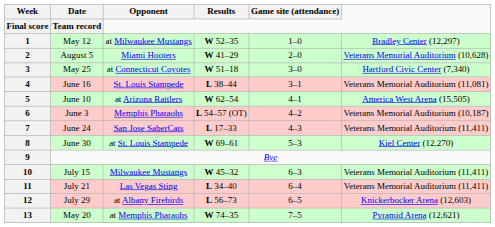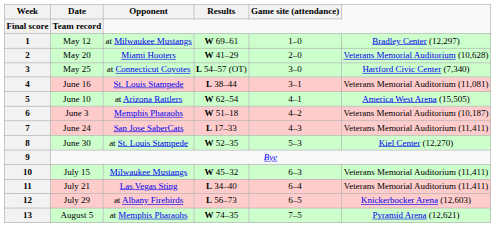 <table class="wikitable" style="font-size: 92%;" "align=center">
 <tr>
 <th>Week</th>
 <th>Date</th>
 <th>Opponent</th>
 <th>Results</th>
 <th>Game site (attendance)</th>
 </tr>
 <tr>
 <th>Final score</th>
 <th>Team record</th>
 </tr>
 <tr style="background:#cfc">
 <th>1</th>
 <td style="text-align:center;">May 12</td>
 <td style="text-align:center;">at <a href='#'>Milwaukee Mustangs</a></td>
-<td style="text-align:center;"><strong>W</strong> 52–35</td>
+<td style="text-align:center;"><strong>W</strong> 69–61</td>
 <td style="text-align:center;">1–0</td>
 <td style="text-align:center;"><a href='#'>Bradley Center</a> (12,297)</td>
 </tr>
 <tr style="background:#cfc">
 <th>2</th>
-<td style="text-align:center;">August 5</td>
+<td style="text-align:center;">May 20</td>
 <td style="text-align:center;"><a href='#'>Miami Hooters</a></td>
 <td style="text-align:center;"><strong>W</strong> 41–29</td>
 <td style="text-align:center;">2–0</td>
 <td style="text-align:center;"><a href='#'>Veterans Memorial Auditorium</a> (10,628)</td>
 </tr>
 <tr style="background:#cfc">
 <th>3</th>
 <td style="text-align:center;">May 25</td>
 <td style="text-align:center;">at <a href='#'>Connecticut Coyotes</a></td>
-<td style="text-align:center;"><strong>W</strong> 51–18</td>
+<td style="text-align:center;"><strong>L</strong> 54–57 (OT)</td>
 <td style="text-align:center;">3–0</td>
 <td style="text-align:center;"><a href='#'>Hartford Civic Center</a> (7,340)</td>
 </tr>
 <tr style="background:#fcc">
 <th>4</th>
 <td style="text-align:center;">June 16</td>
 <td style="text-align:center;"><a href='#'>St. Louis Stampede</a></td>
 <td style="text-align:center;"><strong>L</strong> 38–44</td>
 <td style="text-align:center;">3–1</td>
 <td style="text-align:center;">Veterans Memorial Auditorium (11,081)</td>
 </tr>
 <tr style="background:#cfc">
 <th>5</th>
 <td style="text-align:center;">June 10</td>
 <td style="text-align:center;">at <a href='#'>Arizona Rattlers</a></td>
 <td style="text-align:center;"><strong>W</strong> 62–54</td>
 <td style="text-align:center;">4–1</td>
 <td style="text-align:center;"><a href='#'>America West Arena</a> (15,505)</td>
 </tr>
 <tr style="background:#fcc">
 <th>6</th>
 <td style="text-align:center;">June 3</td>
 <td style="text-align:center;"><a href='#'>Memphis Pharaohs</a></td>
-<td style="text-align:center;"><strong>L</strong> 54–57 (OT)</td>
+<td style="text-align:center;"><strong>W</strong> 51–18</td>
 <td style="text-align:center;">4–2</td>
 <td style="text-align:center;">Veterans Memorial Auditorium (10,187)</td>
 </tr>
 <tr style="background:#fcc">
 <th>7</th>
 <td style="text-align:center;">June 24</td>
 <td style="text-align:center;"><a href='#'>San Jose SaberCats</a></td>
 <td style="text-align:center;"><strong>L</strong> 17–33</td>
 <td style="text-align:center;">4–3</td>
 <td style="text-align:center;">Veterans Memorial Auditorium (11,411)</td>
 </tr>
 <tr style="background:#cfc">
 <th>8</th>
 <td style="text-align:center;">June 30</td>
 <td style="text-align:center;">at <a href='#'>St. Louis Stampede</a></td>
-<td style="text-align:center;"><strong>W</strong> 69–61</td>
+<td style="text-align:center;"><strong>W</strong> 52–35</td>
 <td style="text-align:center;">5–3</td>
 <td style="text-align:center;"><a href='#'>Kiel Center</a> (12,270)</td>
 </tr>
 <tr style=>
 <th>9</th>
 <td colspan="8" style="text-align:center;"><em><a href='#'>Bye</a></em></td>
 </tr>
 <tr style="background:#cfc">
 <th>10</th>
 <td style="text-align:center;">July 15</td>
 <td style="text-align:center;"><a href='#'>Milwaukee Mustangs</a></td>
 <td style="text-align:center;"><strong>W</strong> 45–32</td>
 <td style="text-align:center;">6–3</td>
 <td style="text-align:center;">Veterans Memorial Auditorium (11,411)</td>
 </tr>
 <tr style="background:#fcc">
 <th>11</th>
 <td style="text-align:center;">July 21</td>
 <td style="text-align:center;"><a href='#'>Las Vegas Sting</a></td>
 <td style="text-align:center;"><strong>L</strong> 34–40</td>
 <td style="text-align:center;">6–4</td>
 <td style="text-align:center;">Veterans Memorial Auditorium (11,411)</td>
 </tr>
 <tr style="background:#fcc">
 <th>12</th>
 <td style="text-align:center;">July 29</td>
 <td style="text-align:center;">at <a href='#'>Albany Firebirds</a></td>
 <td style="text-align:center;"><strong>L</strong> 56–73</td>
 <td style="text-align:center;">6–5</td>
 <td style="text-align:center;"><a href='#'>Knickerbocker Arena</a> (12,603)</td>
 </tr>
 <tr style="background:#cfc">
 <th>13</th>
-<td style="text-align:center;">May 20</td>
+<td style="text-align:center;">August 5</td>
 <td style="text-align:center;">at <a href='#'>Memphis Pharaohs</a></td>
 <td style="text-align:center;"><strong>W</strong> 74–35</td>
 <td style="text-align:center;">7–5</td>
 <td style="text-align:center;"><a href='#'>Pyramid Arena</a> (12,621)</td>
 </tr>
 </table>
